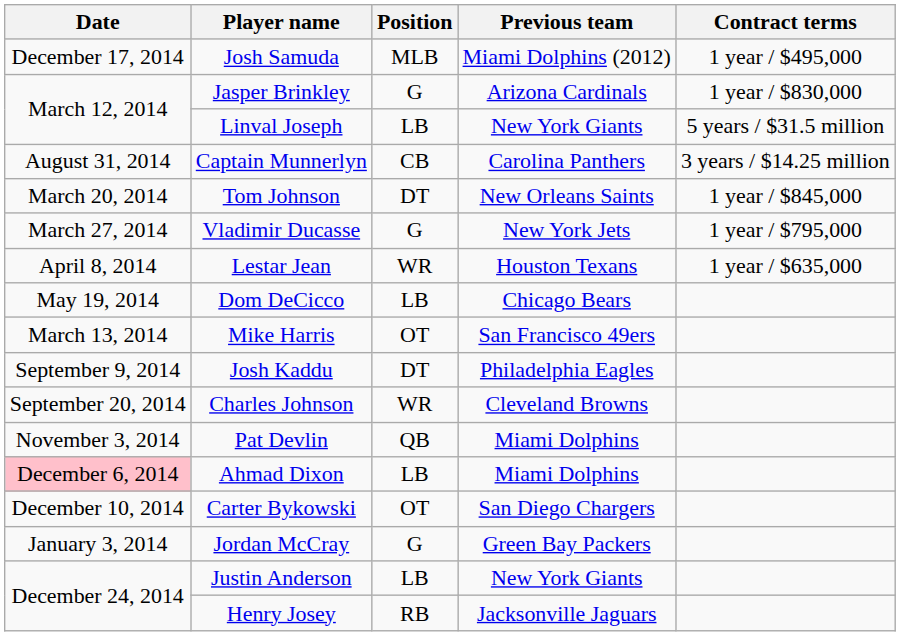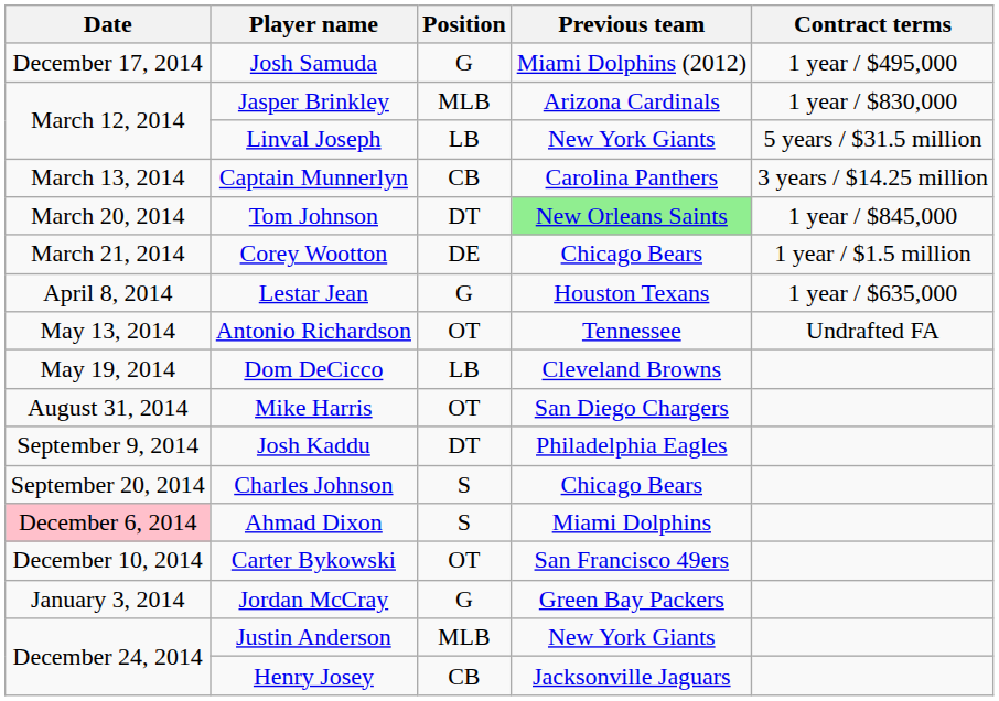 <table class="wikitable" style="text-align:center">
 <tr>
 <th>Date</th>
 <th>Player name</th>
 <th>Position</th>
 <th>Previous team</th>
 <th>Contract terms</th>
 </tr>
 <tr>
 <td>December 17, 2014</td>
 <td><a href='#'>Josh Samuda</a></td>
-<td>MLB</td>
+<td>G</td>
 <td><a href='#'>Miami Dolphins</a> (2012)</td>
 <td>1 year / $495,000 </td>
 </tr>
 <tr>
 <td rowspan="2">March 12, 2014</td>
 <td><a href='#'>Jasper Brinkley</a></td>
-<td>G</td>
+<td>MLB</td>
 <td><a href='#'>Arizona Cardinals</a></td>
 <td>1 year / $830,000</td>
 </tr>
 <tr>
 <td><a href='#'>Linval Joseph</a></td>
 <td>LB</td>
 <td><a href='#'>New York Giants</a></td>
 <td>5 years / $31.5 million</td>
 </tr>
 <tr>
-<td>August 31, 2014</td>
+<td>March 13, 2014</td>
 <td><a href='#'>Captain Munnerlyn</a></td>
 <td>CB</td>
 <td><a href='#'>Carolina Panthers</a></td>
 <td>3 years / $14.25 million</td>
 </tr>
 <tr>
 <td>March 20, 2014</td>
 <td><a href='#'>Tom Johnson</a></td>
 <td>DT</td>
-<td><a href='#'>New Orleans Saints</a></td>
+<td style="background: lightgreen;"><a href='#'>New Orleans Saints</a></td>
 <td>1 year / $845,000</td>
 </tr>
 <tr>
-<td>March 27, 2014</td>
-<td><a href='#'>Vladimir Ducasse</a></td>
-<td>G</td>
-<td><a href='#'>New York Jets</a></td>
-<td>1 year / $795,000</td>
+<td>March 21, 2014</td>
+<td><a href='#'>Corey Wootton</a></td>
+<td>DE</td>
+<td><a href='#'>Chicago Bears</a></td>
+<td>1 year / $1.5 million</td>
 </tr>
 <tr>
 <td>April 8, 2014</td>
 <td><a href='#'>Lestar Jean</a></td>
-<td>WR</td>
+<td>G</td>
 <td><a href='#'>Houston Texans</a></td>
 <td>1 year / $635,000</td>
+</tr>
+<tr>
+<td>May 13, 2014</td>
+<td><a href='#'>Antonio Richardson</a></td>
+<td>OT</td>
+<td><a href='#'>Tennessee</a></td>
+<td>Undrafted FA</td>
 </tr>
 <tr>
 <td>May 19, 2014</td>
 <td><a href='#'>Dom DeCicco</a></td>
 <td>LB</td>
-<td><a href='#'>Chicago Bears</a></td>
+<td><a href='#'>Cleveland Browns</a></td>
 <td></td>
 </tr>
 <tr>
-<td>March 13, 2014</td>
+<td>August 31, 2014</td>
 <td><a href='#'>Mike Harris</a></td>
 <td>OT</td>
-<td><a href='#'>San Francisco 49ers</a></td>
+<td><a href='#'>San Diego Chargers</a></td>
 <td></td>
 </tr>
 <tr>
 <td>September 9, 2014</td>
 <td><a href='#'>Josh Kaddu</a></td>
 <td>DT</td>
 <td><a href='#'>Philadelphia Eagles</a></td>
 <td></td>
 </tr>
 <tr>
 <td>September 20, 2014</td>
 <td><a href='#'>Charles Johnson</a></td>
-<td>WR</td>
-<td><a href='#'>Cleveland Browns</a></td>
-<td></td>
-</tr>
-<tr>
-<td>November 3, 2014</td>
-<td><a href='#'>Pat Devlin</a></td>
-<td>QB</td>
-<td><a href='#'>Miami Dolphins</a></td>
+<td>S</td>
+<td><a href='#'>Chicago Bears</a></td>
 <td></td>
 </tr>
 <tr>
 <td style="background: pink;">December 6, 2014</td>
 <td><a href='#'>Ahmad Dixon</a></td>
-<td>LB</td>
+<td>S</td>
 <td><a href='#'>Miami Dolphins</a></td>
 <td></td>
 </tr>
 <tr>
 <td>December 10, 2014</td>
 <td><a href='#'>Carter Bykowski</a></td>
 <td>OT</td>
-<td><a href='#'>San Diego Chargers</a></td>
+<td><a href='#'>San Francisco 49ers</a></td>
 <td></td>
 </tr>
 <tr>
 <td>January 3, 2014</td>
 <td><a href='#'>Jordan McCray</a></td>
 <td>G</td>
 <td><a href='#'>Green Bay Packers</a></td>
 <td></td>
 </tr>
 <tr>
 <td rowspan=2>December 24, 2014</td>
 <td><a href='#'>Justin Anderson</a></td>
-<td>LB</td>
+<td>MLB</td>
 <td><a href='#'>New York Giants</a></td>
 <td></td>
 </tr>
 <tr>
 <td><a href='#'>Henry Josey</a></td>
-<td>RB</td>
+<td>CB</td>
 <td><a href='#'>Jacksonville Jaguars</a></td>
 <td></td>
 </tr>
 </table>
